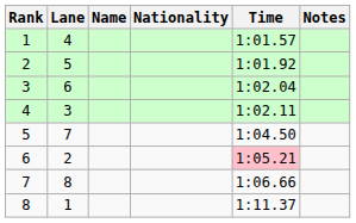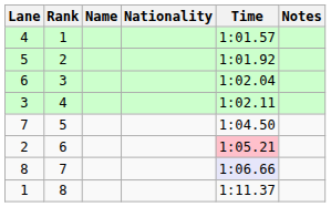 <table class="wikitable sortable" style="text-align:center">
 <tr>
+<th>Lane</th>
 <th>Rank</th>
-<th>Lane</th>
 <th>Name</th>
 <th>Nationality</th>
 <th>Time</th>
 <th>Notes</th>
 </tr>
 <tr bgcolor=ccffcc>
+<td>4</td>
 <td>1</td>
-<td>4</td>
 <td align=left></td>
 <td align=left></td>
 <td>1:01.57</td>
 <td><strong></strong></td>
 </tr>
 <tr bgcolor=ccffcc>
+<td>5</td>
 <td>2</td>
-<td>5</td>
 <td align=left></td>
 <td align=left></td>
 <td>1:01.92</td>
 <td><strong></strong></td>
 </tr>
 <tr bgcolor=ccffcc>
+<td>6</td>
 <td>3</td>
-<td>6</td>
 <td align=left></td>
 <td align=left></td>
 <td>1:02.04</td>
 <td><strong></strong></td>
 </tr>
 <tr bgcolor=ccffcc>
+<td>3</td>
 <td>4</td>
-<td>3</td>
 <td align=left></td>
 <td align=left></td>
 <td>1:02.11</td>
 <td><strong></strong></td>
 </tr>
 <tr>
+<td>7</td>
 <td>5</td>
-<td>7</td>
 <td align=left></td>
 <td align=left></td>
 <td>1:04.50</td>
 <td></td>
 </tr>
 <tr>
+<td>2</td>
 <td>6</td>
-<td>2</td>
 <td align=left></td>
 <td align=left></td>
 <td style="background: pink;">1:05.21</td>
 <td></td>
 </tr>
 <tr>
+<td>8</td>
 <td>7</td>
-<td>8</td>
 <td align=left></td>
 <td align=left></td>
-<td>1:06.66</td>
+<td style="background: lavender;">1:06.66</td>
 <td></td>
 </tr>
 <tr>
+<td>1</td>
 <td>8</td>
-<td>1</td>
 <td align=left></td>
 <td align=left></td>
 <td>1:11.37</td>
 <td></td>
 </tr>
 </table>
